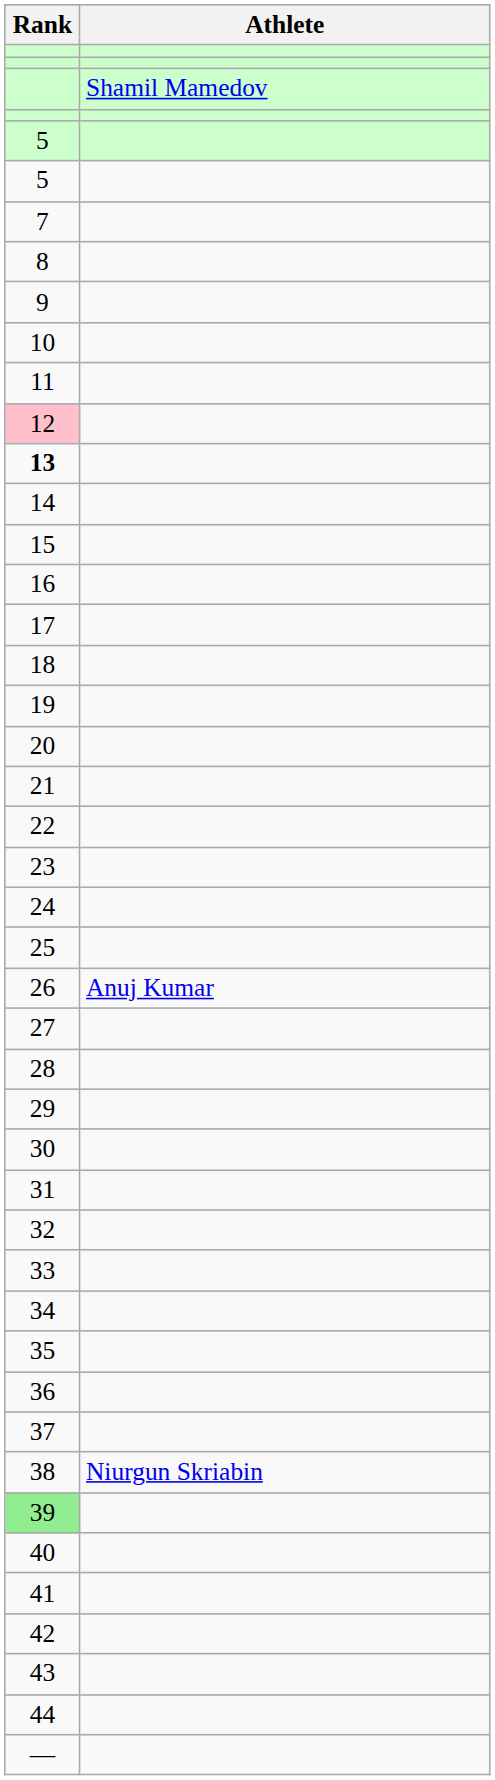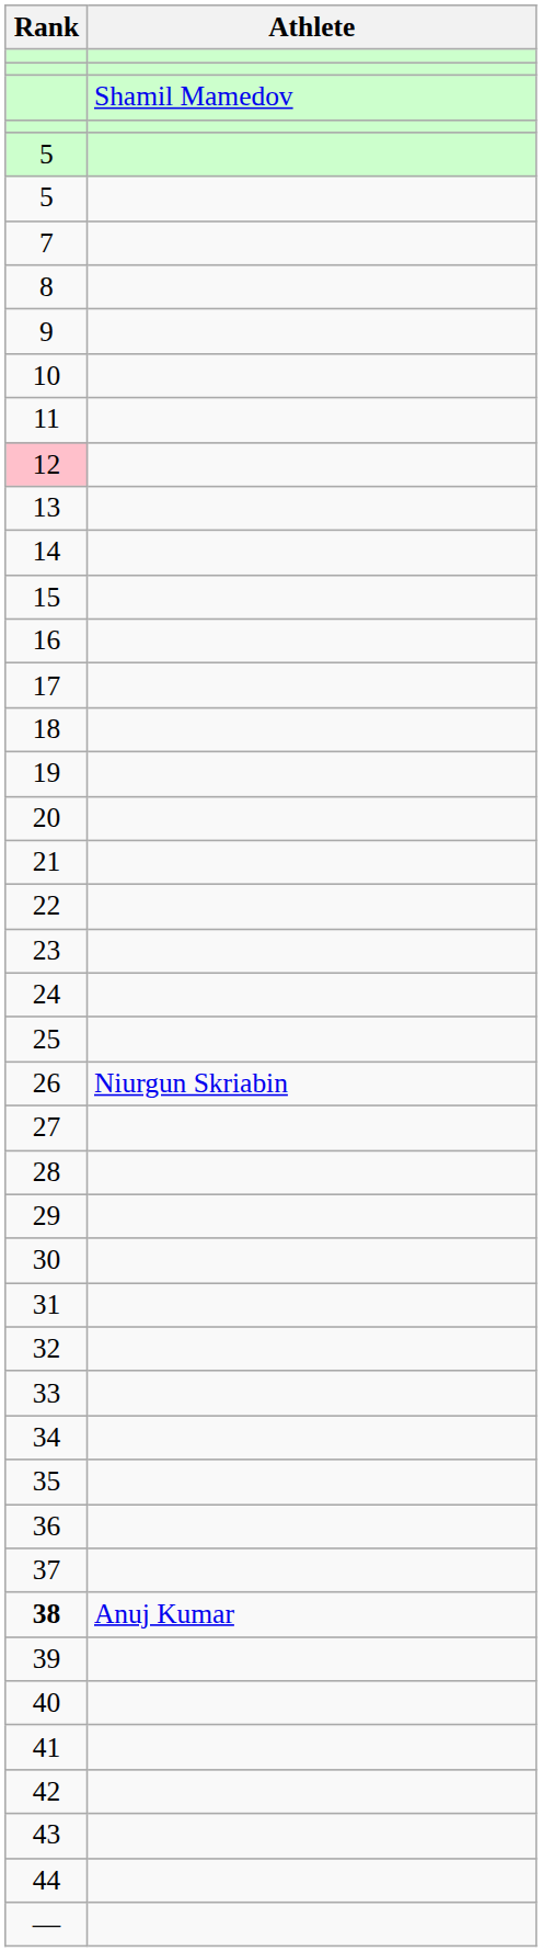 <table class="wikitable" style="text-align: center;">
 <tr>
 <th width=40>Rank</th>
 <th width=250>Athlete</th>
 </tr>
 <tr bgcolor=#ccffcc>
 <td></td>
 <td align="left"></td>
 </tr>
 <tr bgcolor=#ccffcc>
 <td></td>
 <td align="left"></td>
 </tr>
 <tr bgcolor=#ccffcc>
 <td></td>
 <td align="left"> <a href='#'>Shamil Mamedov</a> </td>
 </tr>
 <tr bgcolor=#ccffcc>
 <td></td>
 <td align="left"></td>
 </tr>
 <tr bgcolor=#ccffcc>
 <td>5</td>
 <td align="left"></td>
 </tr>
 <tr>
 <td>5</td>
 <td align="left"></td>
 </tr>
 <tr>
 <td>7</td>
 <td align="left"></td>
 </tr>
 <tr>
 <td>8</td>
 <td align="left"></td>
 </tr>
 <tr>
 <td>9</td>
 <td align="left"></td>
 </tr>
 <tr>
 <td>10</td>
 <td align="left"></td>
 </tr>
 <tr>
 <td>11</td>
 <td align="left"></td>
 </tr>
 <tr>
 <td style="background: pink;">12</td>
 <td align="left"></td>
 </tr>
 <tr>
-<td><strong>13</strong></td>
+<td>13</td>
 <td align="left"></td>
 </tr>
 <tr>
 <td>14</td>
 <td align="left"></td>
 </tr>
 <tr>
 <td>15</td>
 <td align="left"></td>
 </tr>
 <tr>
 <td>16</td>
 <td align="left"></td>
 </tr>
 <tr>
 <td>17</td>
 <td align="left"></td>
 </tr>
 <tr>
 <td>18</td>
 <td align="left"></td>
 </tr>
 <tr>
 <td>19</td>
 <td align="left"></td>
 </tr>
 <tr>
 <td>20</td>
 <td align="left"></td>
 </tr>
 <tr>
 <td>21</td>
 <td align="left"></td>
 </tr>
 <tr>
 <td>22</td>
 <td align="left"></td>
 </tr>
 <tr>
 <td>23</td>
 <td align="left"></td>
 </tr>
 <tr>
 <td>24</td>
 <td align="left"></td>
 </tr>
 <tr>
 <td>25</td>
 <td align="left"></td>
 </tr>
 <tr>
 <td>26</td>
-<td align="left"> <a href='#'>Anuj Kumar</a> </td>
+<td align="left"> <a href='#'>Niurgun Skriabin</a> </td>
 </tr>
 <tr>
 <td>27</td>
 <td align="left"></td>
 </tr>
 <tr>
 <td>28</td>
 <td align="left"></td>
 </tr>
 <tr>
 <td>29</td>
 <td align="left"></td>
 </tr>
 <tr>
 <td>30</td>
 <td align="left"></td>
 </tr>
 <tr>
 <td>31</td>
 <td align="left"></td>
 </tr>
 <tr>
 <td>32</td>
 <td align="left"></td>
 </tr>
 <tr>
 <td>33</td>
 <td align="left"></td>
 </tr>
 <tr>
 <td>34</td>
 <td align="left"></td>
 </tr>
 <tr>
 <td>35</td>
 <td align="left"></td>
 </tr>
 <tr>
 <td>36</td>
 <td align="left"></td>
 </tr>
 <tr>
 <td>37</td>
 <td align="left"></td>
 </tr>
 <tr>
-<td>38</td>
-<td align="left"> <a href='#'>Niurgun Skriabin</a> </td>
+<td><strong>38</strong></td>
+<td align="left"> <a href='#'>Anuj Kumar</a> </td>
 </tr>
 <tr>
-<td style="background: lightgreen;">39</td>
+<td>39</td>
 <td align="left"></td>
 </tr>
 <tr>
 <td>40</td>
 <td align="left"></td>
 </tr>
 <tr>
 <td>41</td>
 <td align="left"></td>
 </tr>
 <tr>
 <td>42</td>
 <td align="left"></td>
 </tr>
 <tr>
 <td>43</td>
 <td align="left"></td>
 </tr>
 <tr>
 <td>44</td>
 <td align="left"></td>
 </tr>
 <tr>
 <td>—</td>
 <td align="left"></td>
 </tr>
 </table>
